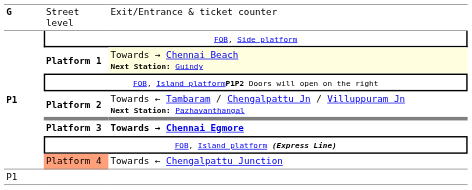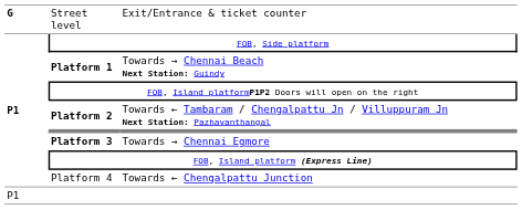 <table cellpadding="3" cellspacing="0" border="0">
 <tr>
 <td valign="top" width="30" style="border-top:solid 1px gray;border-bottom:solid 1px gray;"><strong>G</strong></td>
 <td valign="top" width="85" style="border-top:solid 1px gray;border-bottom:solid 1px gray;">Street level</td>
 <td valign="top" width="500" style="border-top:solid 1px gray;border-bottom:solid 1px gray;">Exit/Entrance & ticket counter</td>
 </tr>
 <tr>
 <td rowspan="7" style="border-bottom:solid 1px gray;" width="50" valign="center"><strong>P1</strong></td>
 <td colspan="2" style="border-right:solid 2px black;border-left:solid 2px black;border-bottom:solid 2px black;text-align:center;"><a href='#'><small>FOB</small></a><small>, <a href='#'>Side platform</a></small></td>
 </tr>
 <tr>
 <td width="85" style="border-bottom:solid 1px white;"><span><strong>Platform 1</strong></span></td>
-<td width="500" style="background: lightyellow; border-bottom:solid 1px white;">Towards → <a href='#'>Chennai Beach</a><br><small><strong>Next Station:</strong> <a href='#'>Guindy</a></small></td>
+<td width="500" style="border-bottom:solid 1px white;">Towards → <a href='#'>Chennai Beach</a><br><small><strong>Next Station:</strong> <a href='#'>Guindy</a></small></td>
 </tr>
 <tr>
 <td colspan="2" style="border-top:solid 2px black;border-right:solid 2px black;border-left:solid 2px black;border-bottom:solid 2px black;text-align:center;"><a href='#'><small>FOB</small></a><small>, <a href='#'>Island platform</a><strong>P1</strong><strong>P2</strong> Doors will open on the right</small></td>
 </tr>
 <tr>
 <td width="85" style="border-bottom:solid 5px gray;"><span><strong>Platform 2</strong></span></td>
 <td width="500" style="border-bottom:solid 5px gray;">Towards ← <a href='#'>Tambaram</a> / <a href='#'>Chengalpattu Jn</a> / <a href='#'>Villuppuram Jn</a><br><small><strong>Next Station:</strong> <a href='#'>Pazhavanthangal</a></small></td>
 </tr>
 <tr>
 <td width="85" style="border-bottom:solid 1px white;"><span><strong>Platform 3</strong></span></td>
-<td style="border-bottom:solid 1px white;" width="500"><strong>Towards → <a href='#'>Chennai Egmore</a></strong></td>
+<td style="border-bottom:solid 1px white;" width="500">Towards → <a href='#'>Chennai Egmore</a></td>
 </tr>
 <tr>
 <td colspan="2" style="border-top:solid 2px black;border-right:solid 2px black;border-left:solid 2px black;border-bottom:solid 2px black;text-align:center;"><a href='#'><small>FOB</small></a><small>, <a href='#'>Island platform</a> <strong></strong> <strong><em>(Express Line)<strong><em></small></td>
 </tr>
 <tr>
-<td width="85" style="background: lightsalmon; border-bottom:solid 1px gray;"><span></strong>Platform 4<strong></span></td>
+<td width="85" style="border-bottom:solid 1px gray;"><span></strong>Platform 4<strong></span></td>
 <td style="border-bottom:solid 1px gray;" width="500">Towards ← <a href='#'>Chengalpattu Junction</a></td>
 </tr>
 <tr>
 <td style="border-bottom:solid 1px gray;" width="50" valign="top"></strong>P1<strong></td>
 <td style="border-bottom:solid 1px gray;" width="50" valign="top"></td>
 <td style="border-bottom:solid 1px gray;" width="50" valign="top"></td>
 </tr>
 <tr>
 </tr>
 </table>
